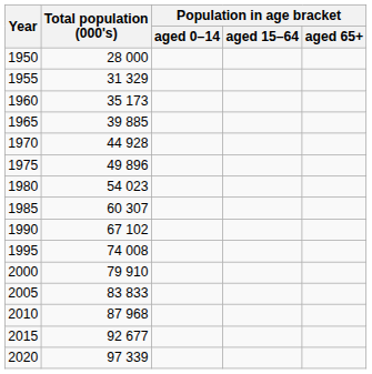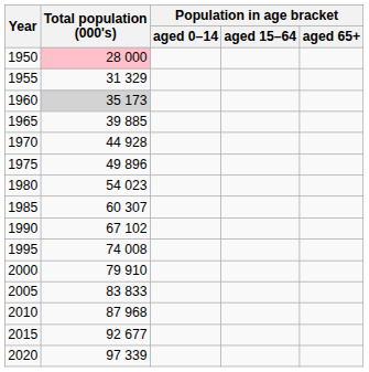 <table class="wikitable">
 <tr>
 <th rowspan=2>Year</th>
 <th rowspan=2>Total population<br>(000's)</th>
 <th colspan=3>Population in age bracket</th>
 </tr>
 <tr>
 <th>aged 0–14</th>
 <th>aged 15–64</th>
 <th>aged 65+</th>
 </tr>
 <tr>
 <td>1950</td>
-<td align="right">28 000</td>
+<td align="right" style="background: pink;">28 000</td>
 <td></td>
 <td></td>
 <td></td>
 </tr>
 <tr>
 <td>1955</td>
 <td align="right">31 329</td>
 <td></td>
 <td></td>
 <td></td>
 </tr>
 <tr>
 <td>1960</td>
-<td align="right">35 173</td>
+<td align="right" style="background: lightgrey;">35 173</td>
 <td></td>
 <td></td>
 <td></td>
 </tr>
 <tr>
 <td>1965</td>
 <td align="right">39 885</td>
 <td></td>
 <td></td>
 <td></td>
 </tr>
 <tr>
 <td>1970</td>
 <td align="right">44 928</td>
 <td></td>
 <td></td>
 <td></td>
 </tr>
 <tr>
 <td>1975</td>
 <td align="right">49 896</td>
 <td></td>
 <td></td>
 <td></td>
 </tr>
 <tr>
 <td>1980</td>
 <td align="right">54 023</td>
 <td></td>
 <td></td>
 <td></td>
 </tr>
 <tr>
 <td>1985</td>
 <td align="right">60 307</td>
 <td></td>
 <td></td>
 <td></td>
 </tr>
 <tr>
 <td>1990</td>
 <td align="right">67 102</td>
 <td></td>
 <td></td>
 <td></td>
 </tr>
 <tr>
 <td>1995</td>
 <td align="right">74 008</td>
 <td></td>
 <td></td>
 <td></td>
 </tr>
 <tr>
 <td>2000</td>
 <td align="right">79 910</td>
 <td></td>
 <td></td>
 <td></td>
 </tr>
 <tr>
 <td>2005</td>
 <td align="right">83 833</td>
 <td></td>
 <td></td>
 <td></td>
 </tr>
 <tr>
 <td>2010</td>
 <td align="right">87 968</td>
 <td></td>
 <td></td>
 <td></td>
 </tr>
 <tr>
 <td>2015</td>
 <td align="right">92 677</td>
 <td></td>
 <td></td>
 <td></td>
 </tr>
 <tr>
 <td>2020</td>
 <td align="right">97 339</td>
 <td></td>
 <td></td>
 <td></td>
 </tr>
 </table>
